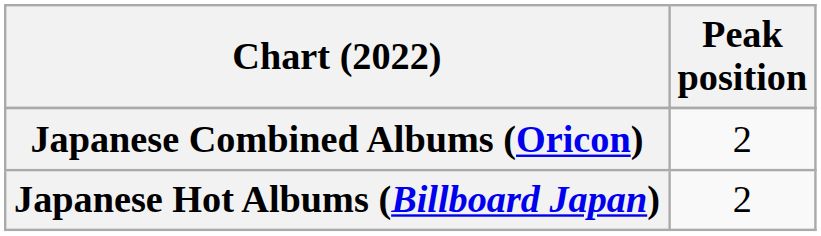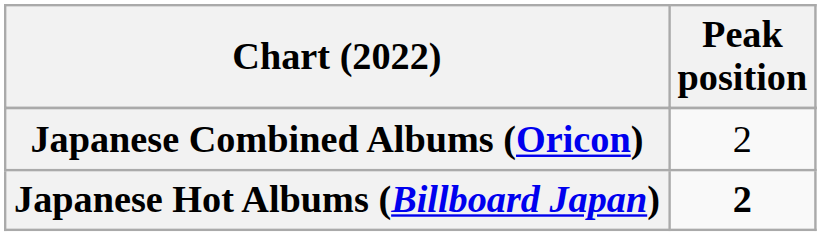 <table class="wikitable sortable plainrowheaders" style="text-align:center">
 <tr>
 <th scope="col">Chart (2022)</th>
 <th scope="col">Peak<br>position</th>
 </tr>
 <tr>
 </tr>
 <tr>
 <th scope="row">Japanese Combined Albums (<a href='#'>Oricon</a>)</th>
 <td>2</td>
 </tr>
 <tr>
 <th scope="row">Japanese Hot Albums (<em><a href='#'>Billboard Japan</a></em>)</th>
-<td>2</td>
+<td><strong>2</strong></td>
 </tr>
 </table>
